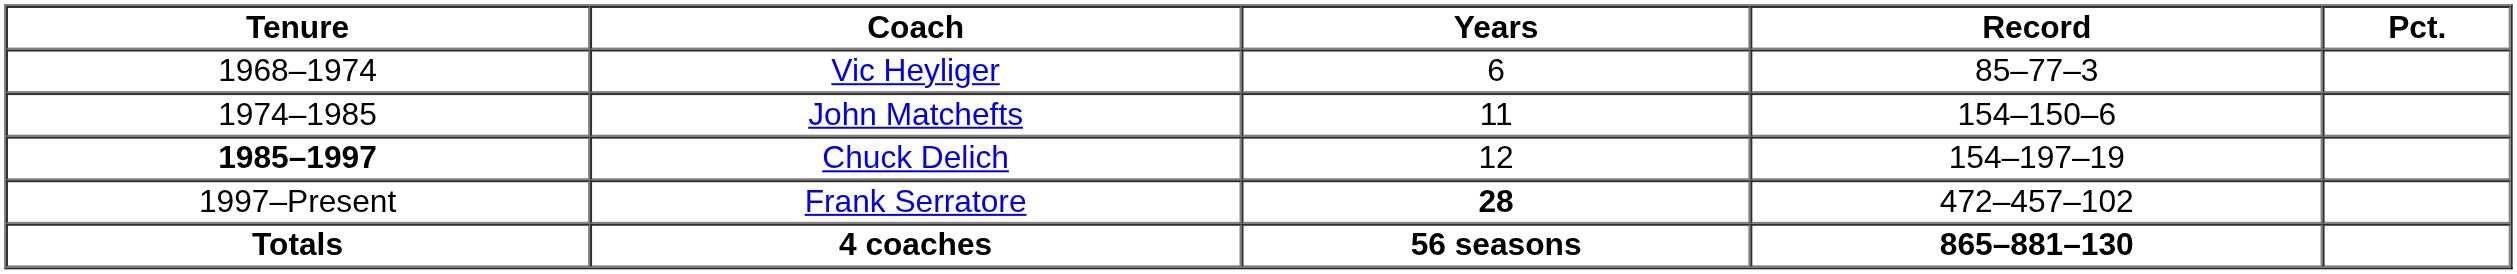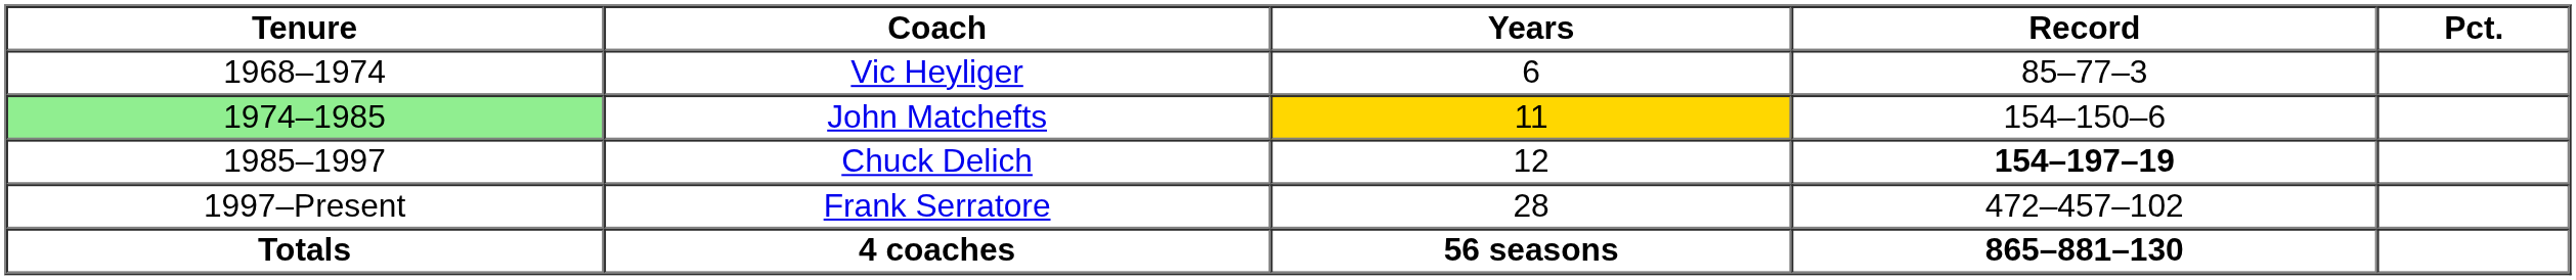 <table cellpadding="1" border="1" cellspacing="0" width="80%">
 <tr>
 <th>Tenure</th>
 <th>Coach</th>
 <th>Years</th>
 <th>Record</th>
 <th>Pct.</th>
 </tr>
 <tr align="center">
 <td>1968–1974</td>
 <td><a href='#'>Vic Heyliger</a></td>
 <td>6</td>
 <td>85–77–3</td>
 <td></td>
 </tr>
 <tr align="center">
-<td>1974–1985</td>
+<td style="background: lightgreen;">1974–1985</td>
 <td><a href='#'>John Matchefts</a></td>
-<td>11</td>
+<td style="background: gold;">11</td>
 <td>154–150–6</td>
 <td></td>
 </tr>
 <tr align="center">
-<td><strong>1985–1997</strong></td>
+<td>1985–1997</td>
 <td><a href='#'>Chuck Delich</a></td>
 <td>12</td>
-<td>154–197–19</td>
+<td><strong>154–197–19</strong></td>
 <td></td>
 </tr>
 <tr align="center">
 <td>1997–Present</td>
 <td><a href='#'>Frank Serratore</a></td>
-<td><strong>28</strong></td>
+<td>28</td>
 <td>472–457–102</td>
 <td></td>
 </tr>
 <tr align="center">
 </tr>
 <tr align="center">
 </tr>
 <tr align=center>
 <th>Totals</th>
 <th>4 coaches</th>
 <th>56 seasons</th>
 <th>865–881–130</th>
 <th></th>
 </tr>
 </table>
